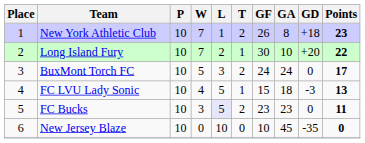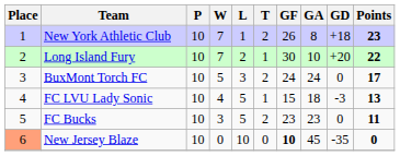 <table class="wikitable" style="text-align:center">
 <tr>
 <th>Place</th>
 <th width="170">Team</th>
 <th width="20">P</th>
 <th width="20">W</th>
 <th width="20">L</th>
 <th width="20">T</th>
 <th width="20">GF</th>
 <th width="20">GA</th>
 <th width="25">GD</th>
 <th>Points</th>
 </tr>
 <tr bgcolor=#ccccff>
 <td>1</td>
 <td style="text-align:left;"><a href='#'>New York Athletic Club</a></td>
 <td>10</td>
 <td>7</td>
 <td>1</td>
 <td>2</td>
 <td>26</td>
 <td>8</td>
 <td>+18</td>
 <td><strong>23</strong></td>
 </tr>
 <tr bgcolor=#ccffcc>
 <td>2</td>
 <td style="text-align:left;"><a href='#'>Long Island Fury</a></td>
 <td>10</td>
 <td>7</td>
 <td>2</td>
 <td>1</td>
 <td>30</td>
 <td>10</td>
 <td>+20</td>
 <td><strong>22</strong></td>
 </tr>
 <tr>
 <td>3</td>
 <td style="text-align:left;"><a href='#'>BuxMont Torch FC</a></td>
 <td>10</td>
 <td>5</td>
 <td>3</td>
 <td>2</td>
 <td>24</td>
 <td>24</td>
 <td>0</td>
 <td><strong>17</strong></td>
 </tr>
 <tr>
 <td>4</td>
 <td style="text-align:left;"><a href='#'>FC LVU Lady Sonic</a></td>
 <td>10</td>
 <td>4</td>
 <td>5</td>
 <td>1</td>
 <td>15</td>
 <td>18</td>
 <td>-3</td>
 <td><strong>13</strong></td>
 </tr>
 <tr>
 <td>5</td>
 <td style="text-align:left;"><a href='#'>FC Bucks</a></td>
 <td>10</td>
 <td>3</td>
-<td style="background: lavender;">5</td>
+<td>5</td>
 <td>2</td>
 <td>23</td>
 <td>23</td>
 <td>0</td>
 <td><strong>11</strong></td>
 </tr>
 <tr>
-<td>6</td>
+<td style="background: lightsalmon;">6</td>
 <td style="text-align:left;"><a href='#'>New Jersey Blaze</a></td>
 <td>10</td>
 <td>0</td>
 <td>10</td>
 <td>0</td>
-<td>10</td>
+<td><strong>10</strong></td>
 <td>45</td>
 <td>-35</td>
 <td><strong>0</strong></td>
 </tr>
 <tr>
 </tr>
 </table>
